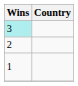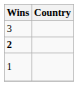 <table class="wikitable">
 <tr>
 <th>Wins</th>
 <th>Country</th>
 </tr>
 <tr>
-<td style="background: paleturquoise;">3</td>
+<td>3</td>
 <td></td>
 </tr>
 <tr>
-<td>2</td>
+<td><strong>2</strong></td>
 <td></td>
 </tr>
 <tr>
 <td>1</td>
 <td><br><br></td>
 </tr>
 <tr>
 </tr>
 </table>
